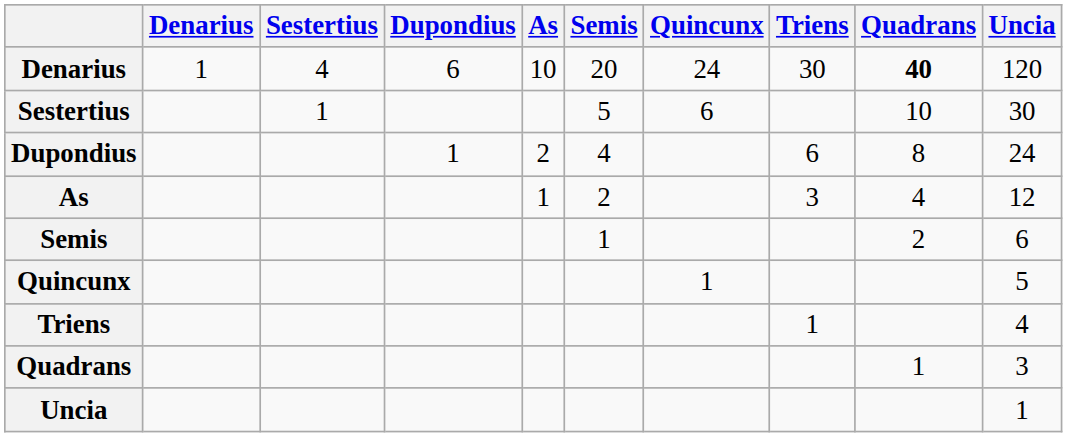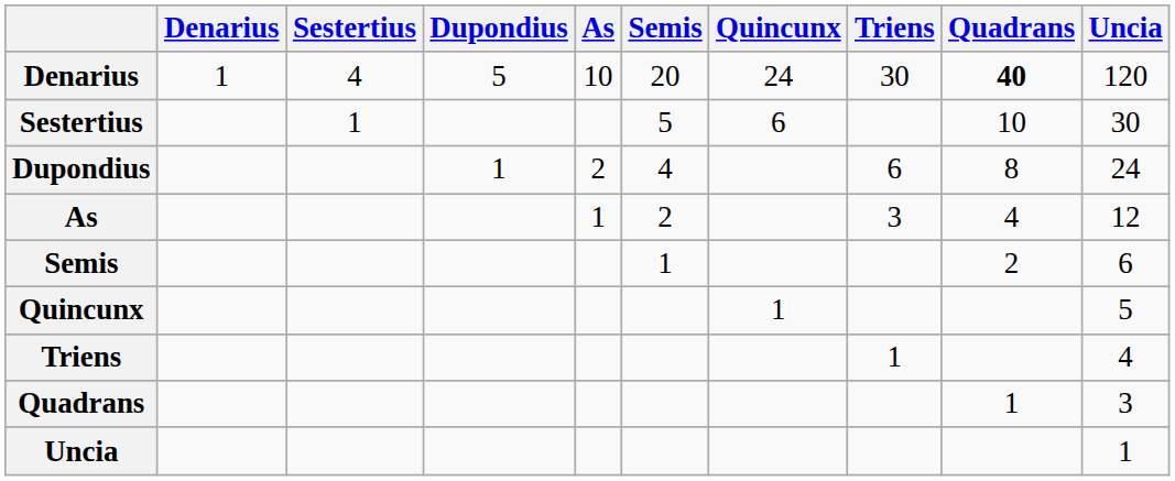 <table class="wikitable" style="text-align:center">
 <tr>
 <th></th>
 <th><a href='#'>Denarius</a></th>
 <th><a href='#'>Sestertius</a></th>
 <th><a href='#'>Dupondius</a></th>
 <th><a href='#'>As</a></th>
 <th><a href='#'>Semis</a></th>
 <th><a href='#'>Quincunx</a></th>
 <th><a href='#'>Triens</a></th>
 <th><a href='#'>Quadrans</a></th>
 <th><a href='#'>Uncia</a></th>
 </tr>
 <tr>
 <th>Denarius</th>
 <td>1</td>
 <td>4</td>
-<td>6</td>
+<td>5</td>
 <td>10</td>
 <td>20</td>
 <td>24</td>
 <td>30</td>
 <td><strong>40</strong></td>
 <td>120</td>
 </tr>
 <tr>
 <th>Sestertius</th>
 <td></td>
 <td>1</td>
 <td></td>
 <td></td>
 <td>5</td>
 <td>6</td>
 <td></td>
 <td>10</td>
 <td>30</td>
 </tr>
 <tr>
 <th>Dupondius</th>
 <td></td>
 <td></td>
 <td>1</td>
 <td>2</td>
 <td>4</td>
 <td></td>
 <td>6</td>
 <td>8</td>
 <td>24</td>
 </tr>
 <tr>
 <th>As</th>
 <td></td>
 <td></td>
 <td></td>
 <td>1</td>
 <td>2</td>
 <td></td>
 <td>3</td>
 <td>4</td>
 <td>12</td>
 </tr>
 <tr>
 <th>Semis</th>
 <td></td>
 <td></td>
 <td></td>
 <td></td>
 <td>1</td>
 <td></td>
 <td></td>
 <td>2</td>
 <td>6</td>
 </tr>
 <tr>
 <th>Quincunx</th>
 <td></td>
 <td></td>
 <td></td>
 <td></td>
 <td></td>
 <td>1</td>
 <td></td>
 <td></td>
 <td>5</td>
 </tr>
 <tr>
 <th>Triens</th>
 <td></td>
 <td></td>
 <td></td>
 <td></td>
 <td></td>
 <td></td>
 <td>1</td>
 <td></td>
 <td>4</td>
 </tr>
 <tr>
 <th>Quadrans</th>
 <td></td>
 <td></td>
 <td></td>
 <td></td>
 <td></td>
 <td></td>
 <td></td>
 <td>1</td>
 <td>3</td>
 </tr>
 <tr>
 <th>Uncia</th>
 <td></td>
 <td></td>
 <td></td>
 <td></td>
 <td></td>
 <td></td>
 <td></td>
 <td></td>
 <td>1</td>
 </tr>
 </table>
